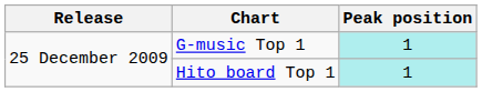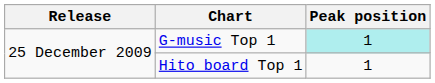 <table class="wikitable">
 <tr>
 <th>Release</th>
 <th>Chart</th>
 <th>Peak position</th>
 </tr>
 <tr>
 <td rowspan=2>25 December 2009</td>
 <td><a href='#'>G-music</a> Top 1</td>
 <td align="center" style="background: paleturquoise;">1</td>
 </tr>
 <tr>
 <td><a href='#'>Hito board</a> Top 1</td>
-<td align="center" style="background: paleturquoise;">1</td>
+<td align="center">1</td>
 </tr>
 </table>
